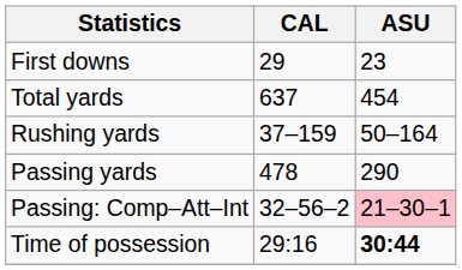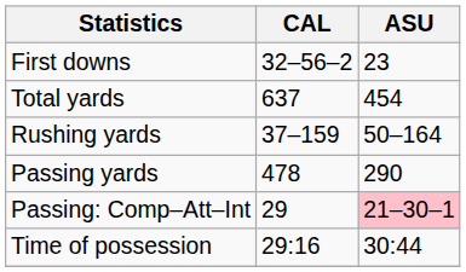 <table class="wikitable" style="float: left;">
 <tr>
 <th>Statistics</th>
 <th>CAL</th>
 <th>ASU</th>
 </tr>
 <tr>
 <td>First downs</td>
-<td>29</td>
+<td>32–56–2</td>
 <td>23</td>
 </tr>
 <tr>
 <td>Total yards</td>
 <td>637</td>
 <td>454</td>
 </tr>
 <tr>
 <td>Rushing yards</td>
 <td>37–159</td>
 <td>50–164</td>
 </tr>
 <tr>
 <td>Passing yards</td>
 <td>478</td>
 <td>290</td>
 </tr>
 <tr>
 <td>Passing: Comp–Att–Int</td>
-<td>32–56–2</td>
+<td>29</td>
 <td style="background: pink;">21–30–1</td>
 </tr>
 <tr>
 <td>Time of possession</td>
 <td>29:16</td>
-<td><strong>30:44</strong></td>
+<td>30:44</td>
 </tr>
 <tr>
 </tr>
 </table>
